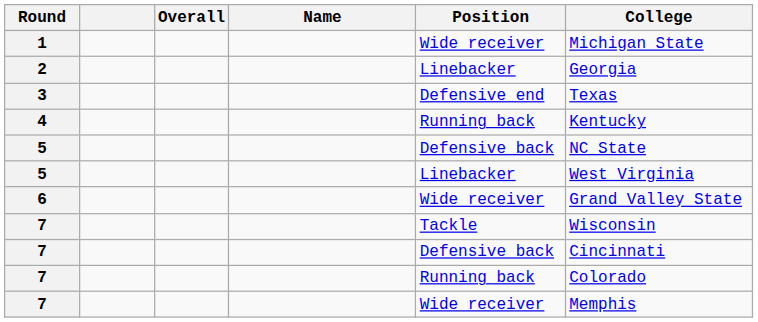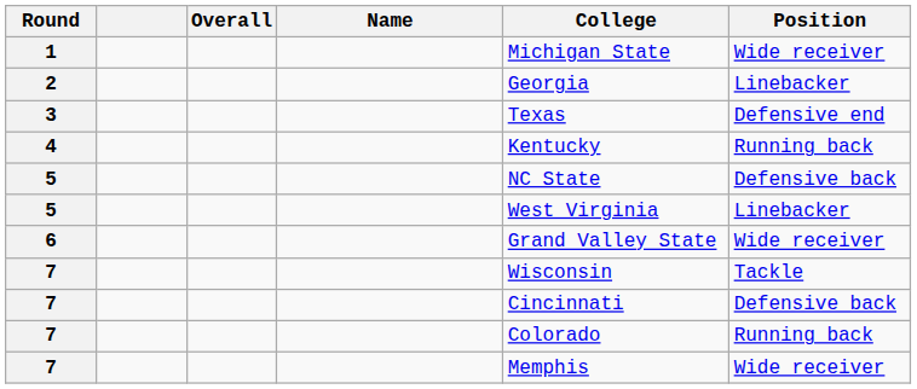 <table class="wikitable sortable">
 <tr>
 <th scope="col" style="width: 10%;">Round</th>
 <th scope="col" style="width: 10%;"></th>
 <th scope="col" style="width: 10%;">Overall</th>
 <th scope="col" style="width: 25%;">Name</th>
+<th scope="col" style="width: 25%;">College</th>
 <th scope="col" style="width: 20%;">Position</th>
-<th scope="col" style="width: 25%;">College</th>
 </tr>
 <tr>
 <th scope="row">1</th>
 <td></td>
 <td></td>
 <td></td>
+<td><a href='#'>Michigan State</a></td>
 <td><a href='#'>Wide receiver</a></td>
-<td><a href='#'>Michigan State</a></td>
 </tr>
 <tr>
 <th scope="row">2</th>
 <td></td>
 <td></td>
 <td></td>
+<td><a href='#'>Georgia</a></td>
 <td><a href='#'>Linebacker</a></td>
-<td><a href='#'>Georgia</a></td>
 </tr>
 <tr>
 <th scope="row">3</th>
 <td></td>
 <td></td>
 <td></td>
+<td><a href='#'>Texas</a></td>
 <td><a href='#'>Defensive end</a></td>
-<td><a href='#'>Texas</a></td>
 </tr>
 <tr>
 <th scope="row">4</th>
 <td></td>
 <td></td>
 <td></td>
+<td><a href='#'>Kentucky</a></td>
 <td><a href='#'>Running back</a></td>
-<td><a href='#'>Kentucky</a></td>
 </tr>
 <tr>
 <th scope="row">5</th>
 <td></td>
 <td></td>
 <td></td>
+<td><a href='#'>NC State</a></td>
 <td><a href='#'>Defensive back</a></td>
-<td><a href='#'>NC State</a></td>
 </tr>
 <tr>
 <th scope="row">5</th>
 <td></td>
 <td></td>
 <td></td>
+<td><a href='#'>West Virginia</a></td>
 <td><a href='#'>Linebacker</a></td>
-<td><a href='#'>West Virginia</a></td>
 </tr>
 <tr>
 <th scope="row">6</th>
 <td></td>
 <td></td>
 <td></td>
+<td><a href='#'>Grand Valley State</a></td>
 <td><a href='#'>Wide receiver</a></td>
-<td><a href='#'>Grand Valley State</a></td>
 </tr>
 <tr>
 <th scope="row">7</th>
 <td></td>
 <td></td>
 <td></td>
+<td><a href='#'>Wisconsin</a></td>
 <td><a href='#'>Tackle</a></td>
-<td><a href='#'>Wisconsin</a></td>
 </tr>
 <tr>
 <th scope="row">7</th>
 <td></td>
 <td></td>
 <td></td>
+<td><a href='#'>Cincinnati</a></td>
 <td><a href='#'>Defensive back</a></td>
-<td><a href='#'>Cincinnati</a></td>
 </tr>
 <tr>
 <th scope="row">7</th>
 <td></td>
 <td></td>
 <td></td>
+<td><a href='#'>Colorado</a></td>
 <td><a href='#'>Running back</a></td>
-<td><a href='#'>Colorado</a></td>
 </tr>
 <tr>
 <th scope="row">7</th>
 <td></td>
 <td></td>
 <td></td>
+<td><a href='#'>Memphis</a></td>
 <td><a href='#'>Wide receiver</a></td>
-<td><a href='#'>Memphis</a></td>
 </tr>
 </table>
